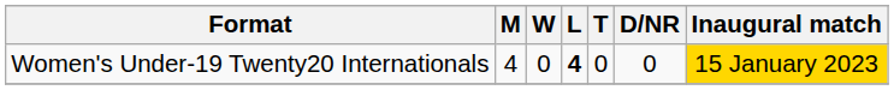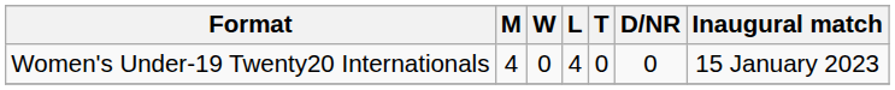 <table class="wikitable" style="text-align: center;">
 <tr>
 </tr>
 <tr>
 <th>Format</th>
 <th>M</th>
 <th>W</th>
 <th>L</th>
 <th>T</th>
 <th>D/NR</th>
 <th>Inaugural match</th>
 </tr>
 <tr>
 <td align="left">Women's Under-19 Twenty20 Internationals</td>
 <td>4</td>
 <td>0</td>
-<td><strong>4</strong></td>
+<td>4</td>
 <td>0</td>
 <td>0</td>
-<td style="background: gold;">15 January 2023</td>
+<td>15 January 2023</td>
 </tr>
 <tr>
 </tr>
 </table>
